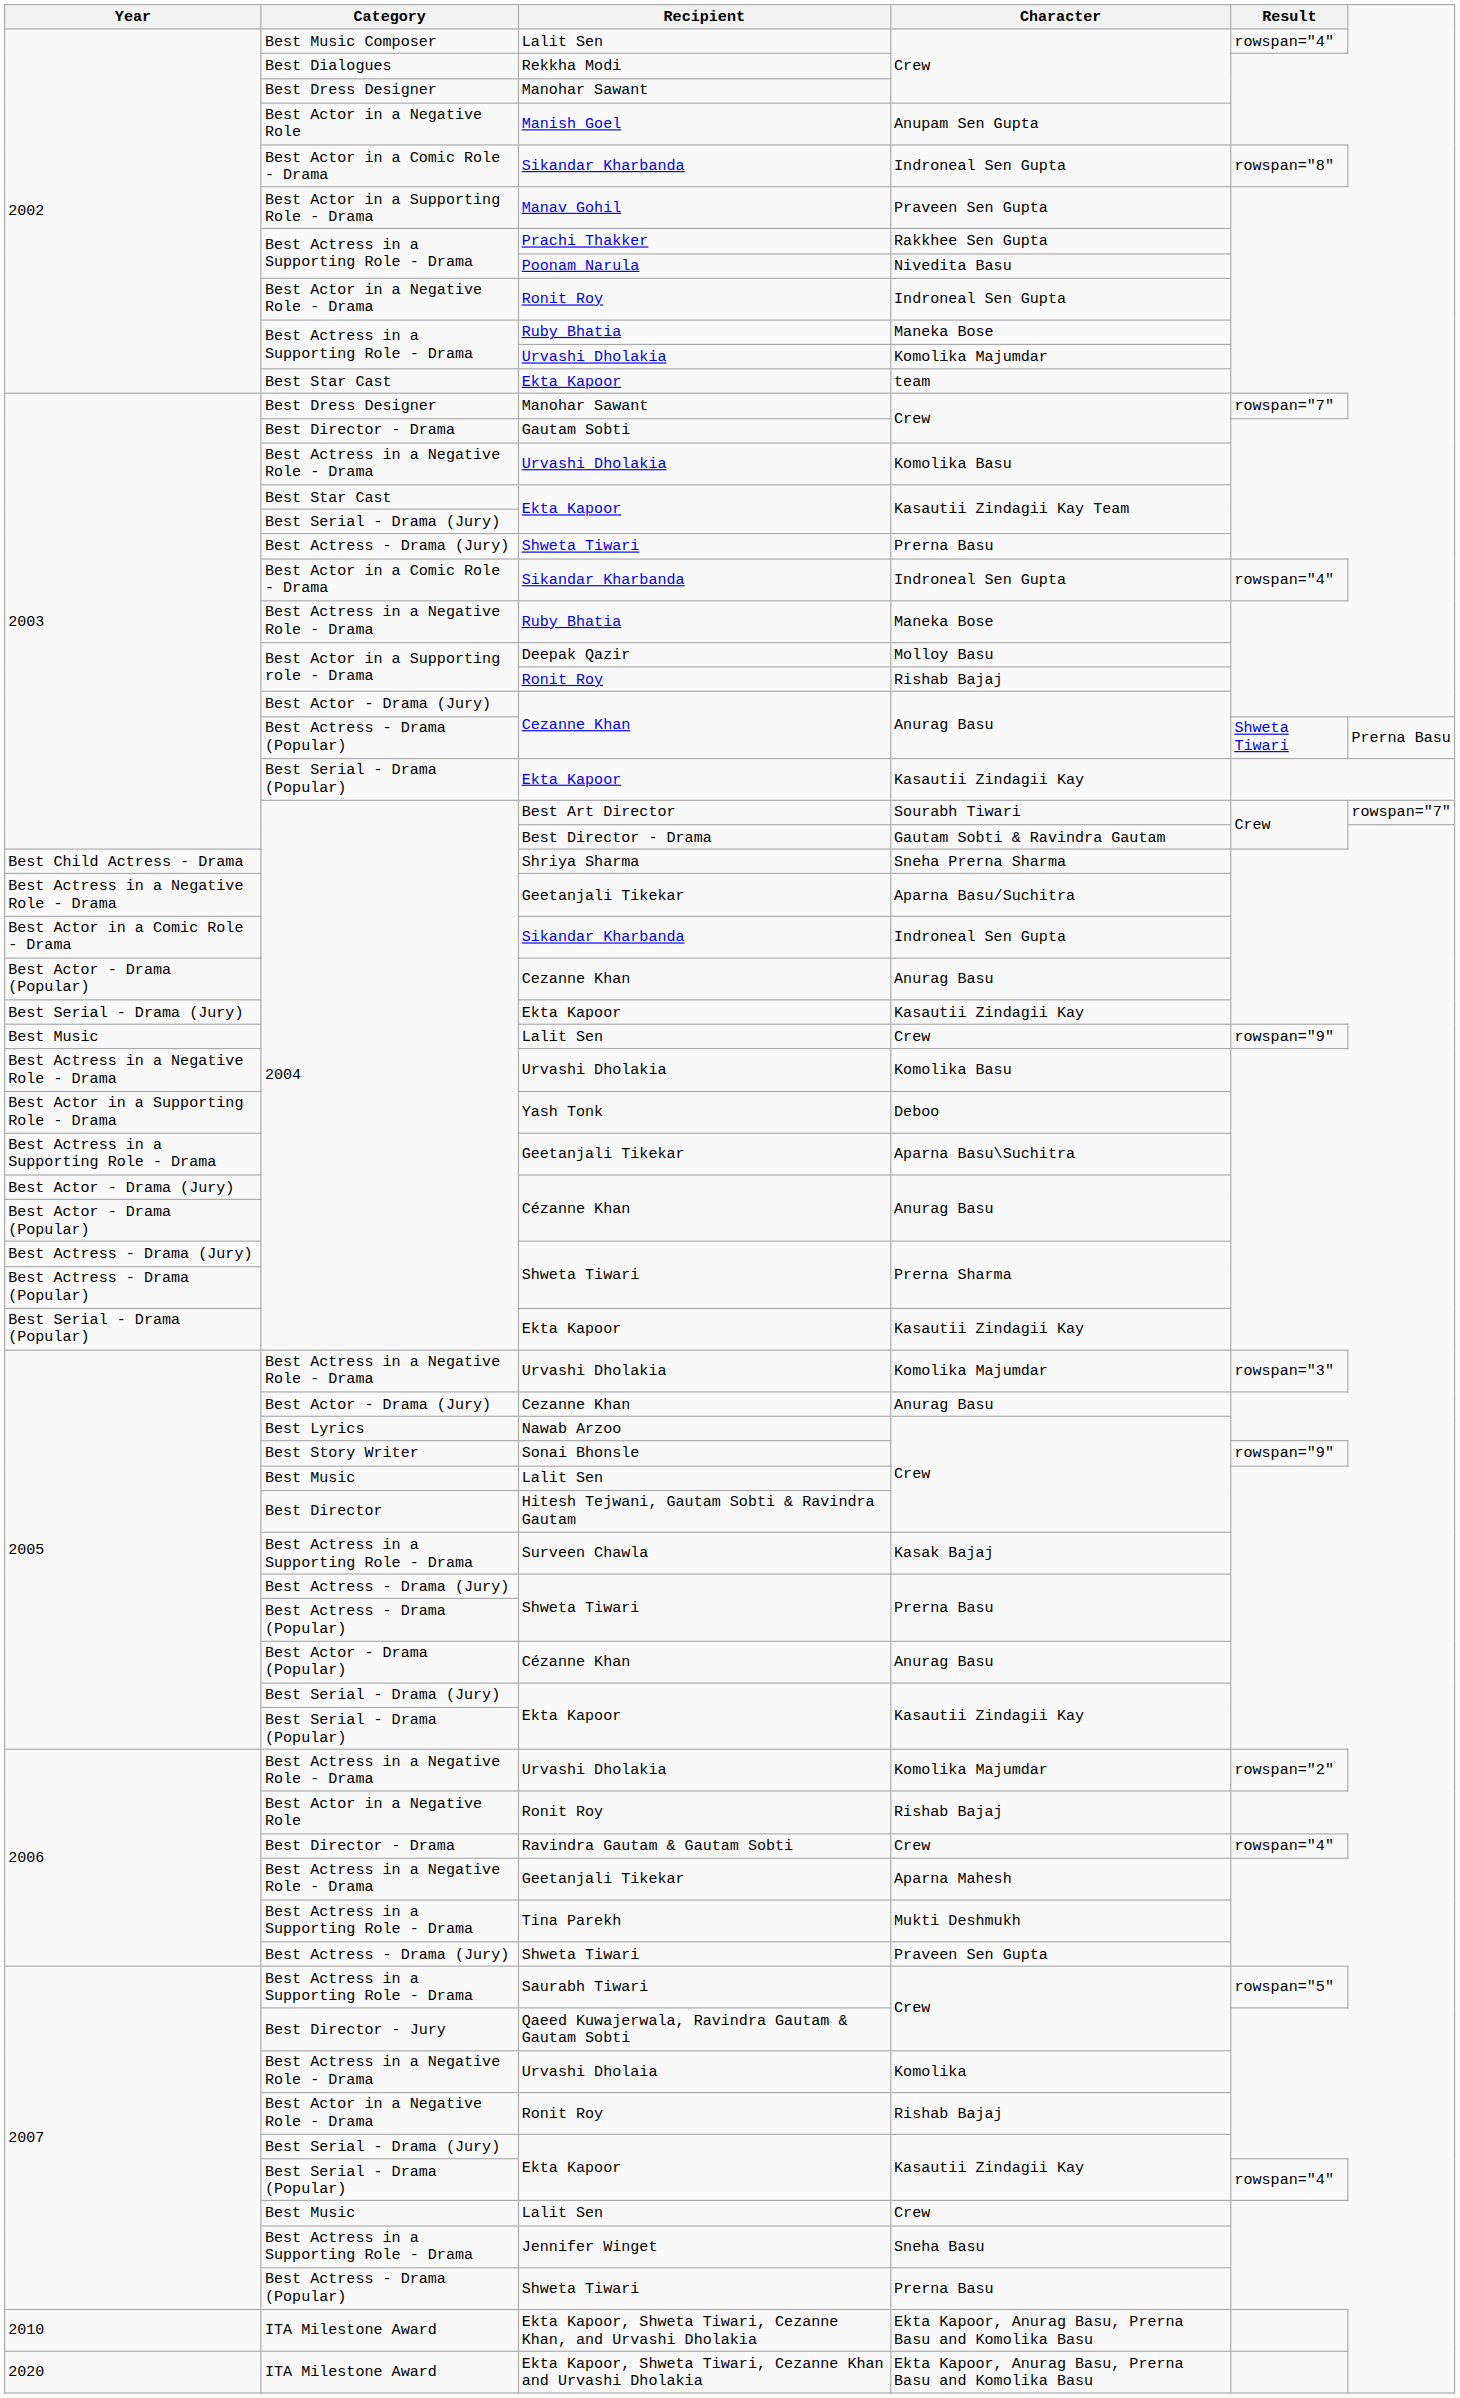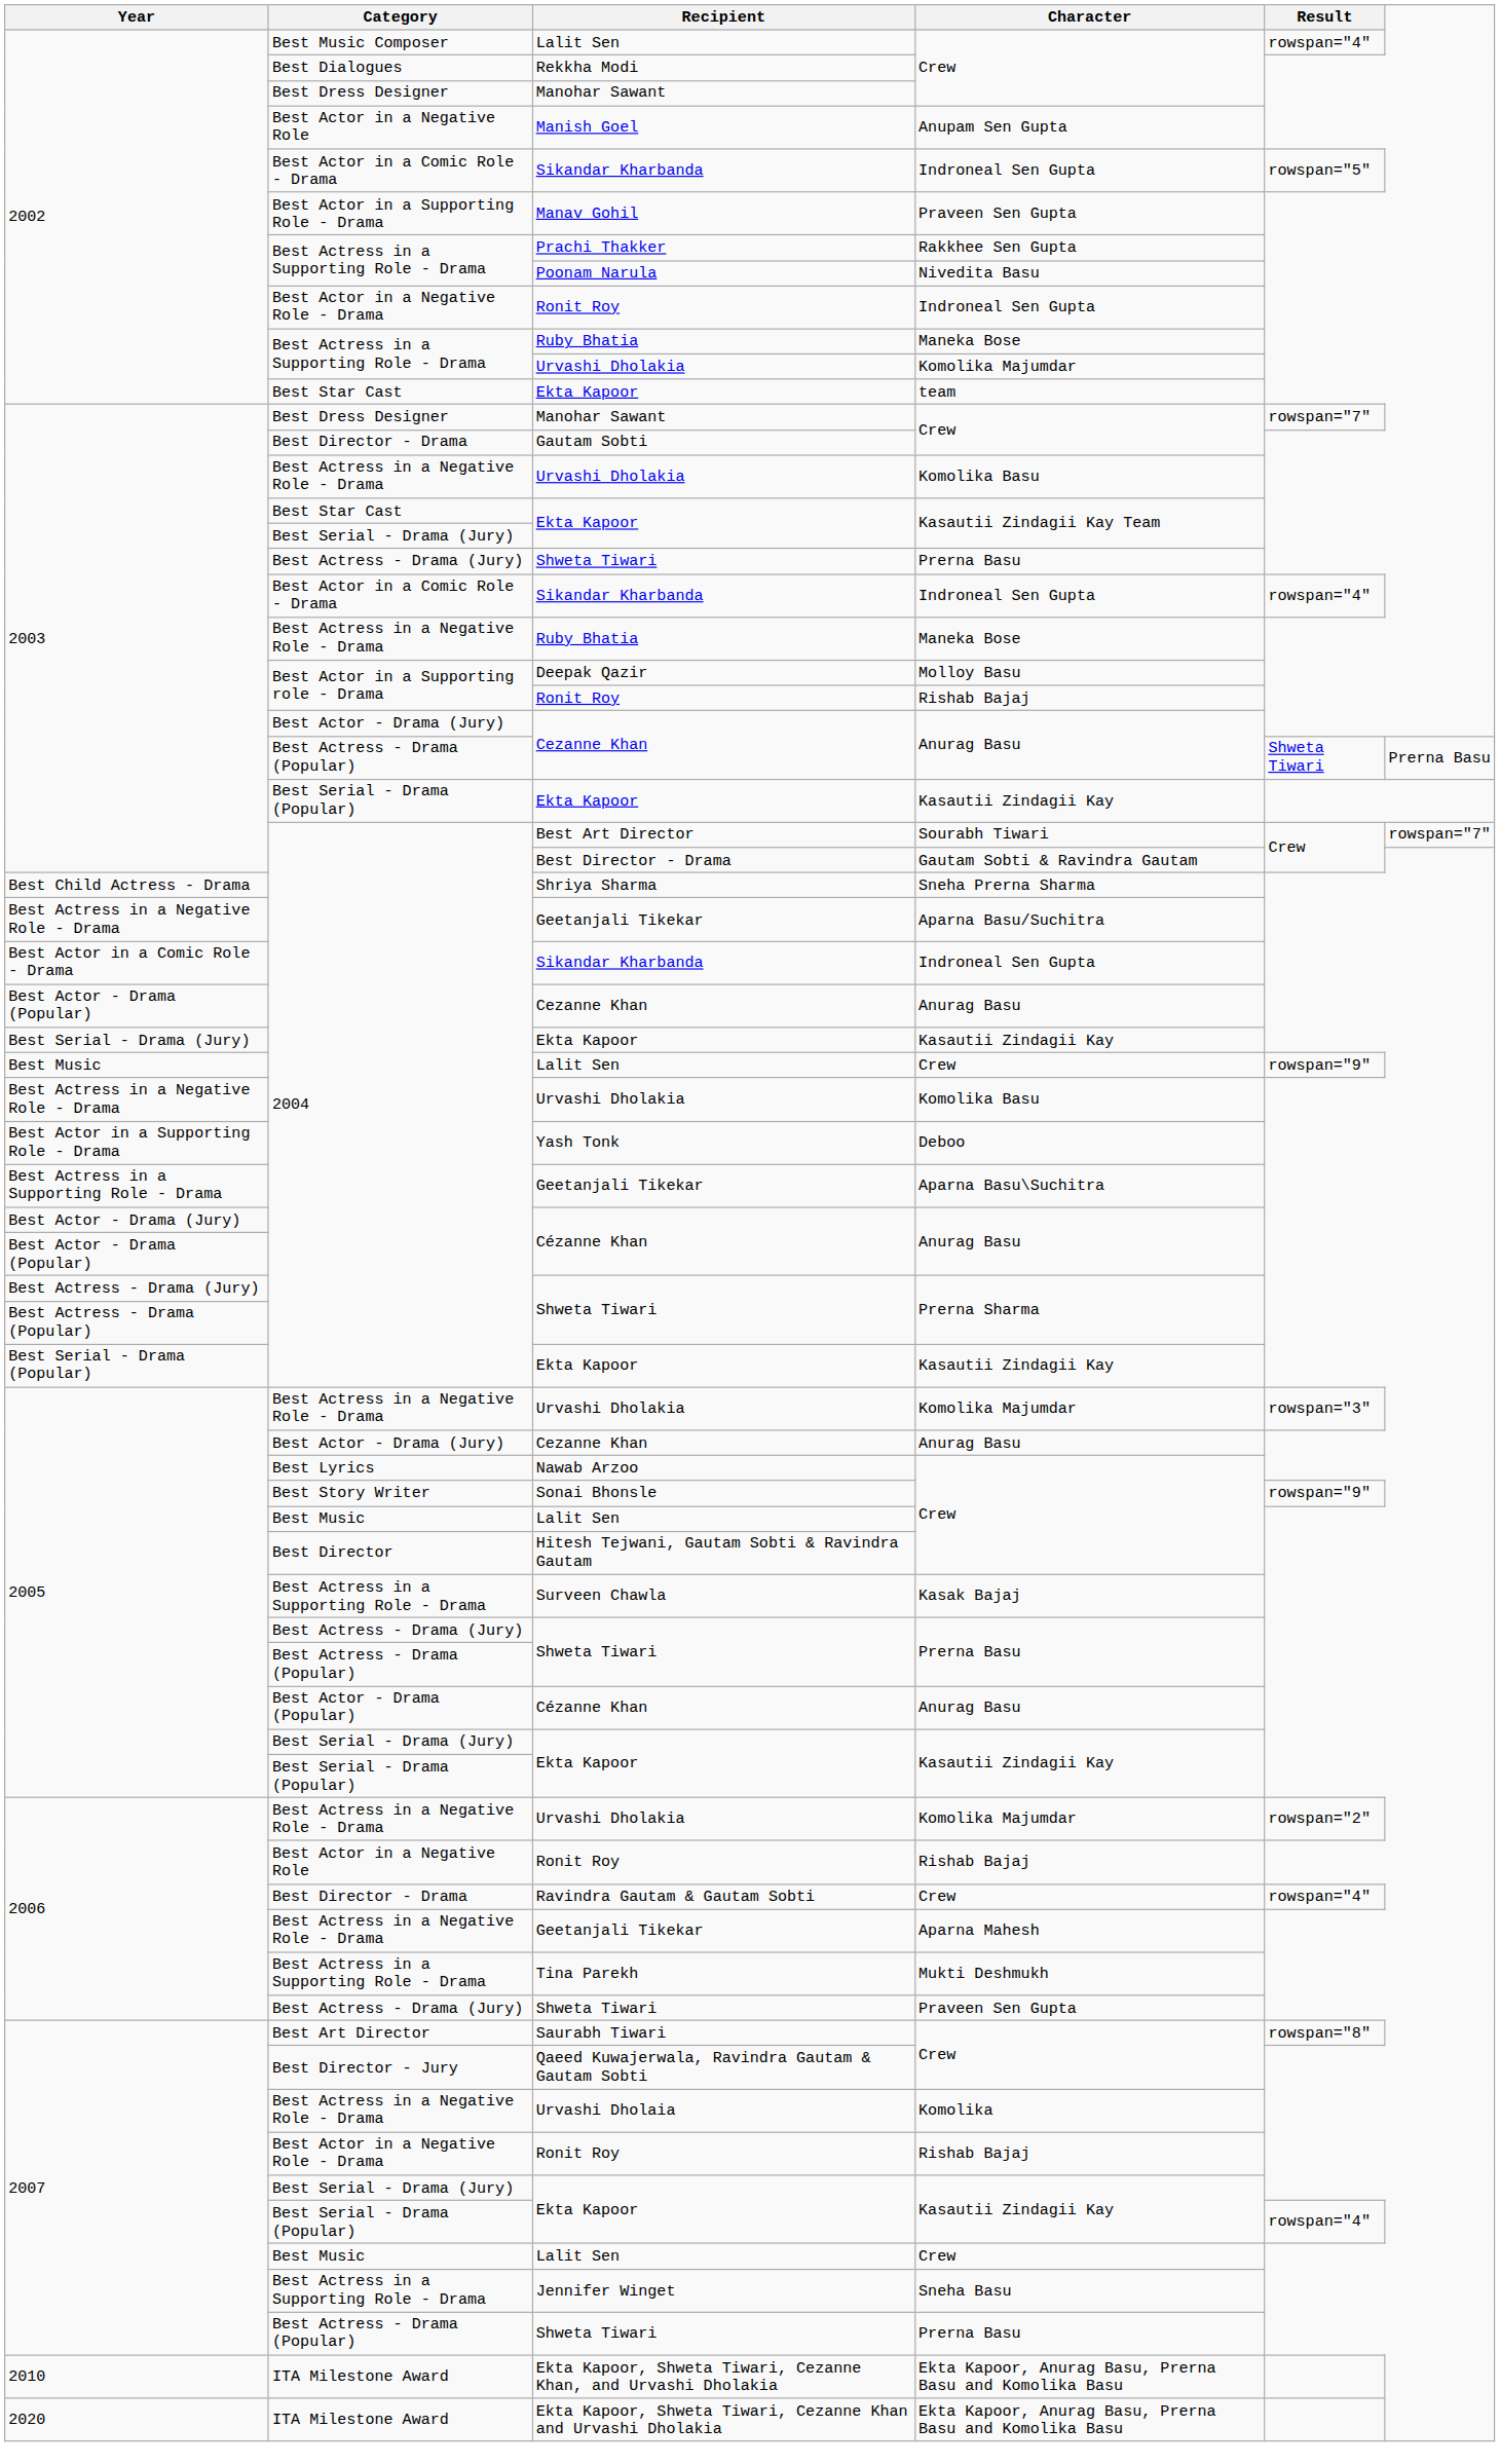 <table class="wikitable sortable">
 <tr>
 <th>Year</th>
 <th>Category</th>
 <th>Recipient</th>
 <th>Character</th>
 <th>Result</th>
 </tr>
 <tr>
 <td rowspan="12">2002</td>
 <td>Best Music Composer</td>
 <td>Lalit Sen</td>
 <td rowspan="3">Crew</td>
 <td>rowspan="4"  </td>
 </tr>
 <tr>
 <td>Best Dialogues</td>
 <td>Rekkha Modi</td>
 </tr>
 <tr>
 <td>Best Dress Designer</td>
 <td>Manohar Sawant</td>
 </tr>
 <tr>
 <td>Best Actor in a Negative Role</td>
 <td><a href='#'>Manish Goel</a></td>
 <td>Anupam Sen Gupta</td>
 </tr>
 <tr>
 <td>Best Actor in a Comic Role - Drama</td>
 <td><a href='#'>Sikandar Kharbanda</a></td>
 <td>Indroneal Sen Gupta</td>
-<td>rowspan="8" </td>
+<td>rowspan="5"  </td>
 </tr>
 <tr>
 <td>Best Actor in a Supporting Role - Drama</td>
 <td><a href='#'>Manav Gohil</a></td>
 <td>Praveen Sen Gupta</td>
 </tr>
 <tr>
 <td rowspan="2">Best Actress in a Supporting Role - Drama</td>
 <td><a href='#'>Prachi Thakker</a></td>
 <td>Rakkhee Sen Gupta</td>
 </tr>
 <tr>
 <td><a href='#'>Poonam Narula</a></td>
 <td>Nivedita Basu</td>
 </tr>
 <tr>
 <td>Best Actor in a Negative Role - Drama</td>
 <td><a href='#'>Ronit Roy</a></td>
 <td>Indroneal Sen Gupta</td>
 </tr>
 <tr>
 <td rowspan="2">Best Actress in a Supporting Role - Drama</td>
 <td><a href='#'>Ruby Bhatia</a></td>
 <td>Maneka Bose</td>
 </tr>
 <tr>
 <td><a href='#'>Urvashi Dholakia</a></td>
 <td>Komolika Majumdar</td>
 </tr>
 <tr>
 <td>Best Star Cast</td>
 <td><a href='#'>Ekta Kapoor</a></td>
 <td>team</td>
 </tr>
 <tr>
 <td rowspan="15">2003</td>
 <td>Best Dress Designer</td>
 <td>Manohar Sawant</td>
 <td rowspan="2">Crew</td>
 <td>rowspan="7"  </td>
 </tr>
 <tr>
 <td>Best Director - Drama</td>
 <td>Gautam Sobti</td>
 </tr>
 <tr>
 <td>Best Actress in a Negative Role - Drama</td>
 <td><a href='#'>Urvashi Dholakia</a></td>
 <td>Komolika Basu</td>
 </tr>
 <tr>
 <td>Best Star Cast</td>
 <td rowspan="2"><a href='#'>Ekta Kapoor</a></td>
 <td rowspan="2">Kasautii Zindagii Kay Team</td>
 </tr>
 <tr>
 <td>Best Serial - Drama (Jury)</td>
 </tr>
 <tr>
 <td>Best Actress - Drama (Jury)</td>
 <td><a href='#'>Shweta Tiwari</a></td>
 <td>Prerna Basu</td>
 </tr>
 <tr>
 <td>Best Actor in a Comic Role - Drama</td>
 <td><a href='#'>Sikandar Kharbanda</a></td>
 <td>Indroneal Sen Gupta</td>
 <td>rowspan="4" </td>
 </tr>
 <tr>
 <td>Best Actress in a Negative Role - Drama</td>
 <td><a href='#'>Ruby Bhatia</a></td>
 <td>Maneka Bose</td>
 </tr>
 <tr>
 <td rowspan="2">Best Actor in a Supporting role - Drama</td>
 <td>Deepak Qazir</td>
 <td>Molloy Basu</td>
 </tr>
 <tr>
 <td><a href='#'>Ronit Roy</a></td>
 <td>Rishab Bajaj</td>
 </tr>
 <tr>
 <td>Best Actor - Drama (Jury)</td>
 <td rowspan="2"><a href='#'>Cezanne Khan</a></td>
 <td rowspan="2">Anurag Basu</td>
 </tr>
 <tr>
 <td>Best Actress - Drama (Popular)</td>
 <td><a href='#'>Shweta Tiwari</a></td>
 <td>Prerna Basu</td>
 </tr>
 <tr>
 <td>Best Serial - Drama (Popular)</td>
 <td><a href='#'>Ekta Kapoor</a></td>
 <td>Kasautii Zindagii Kay</td>
 </tr>
 <tr>
 <td rowspan="16">2004</td>
 <td>Best Art Director</td>
 <td>Sourabh Tiwari</td>
 <td rowspan="2">Crew</td>
 <td>rowspan="7"  </td>
 </tr>
 <tr>
 <td>Best Director - Drama</td>
 <td>Gautam Sobti & Ravindra Gautam</td>
 </tr>
 <tr>
 <td>Best Child Actress - Drama</td>
 <td>Shriya Sharma</td>
 <td>Sneha Prerna Sharma</td>
 </tr>
 <tr>
 <td>Best Actress in a Negative Role - Drama</td>
 <td>Geetanjali Tikekar</td>
 <td>Aparna Basu/Suchitra</td>
 </tr>
 <tr>
 <td>Best Actor in a Comic Role - Drama</td>
 <td><a href='#'>Sikandar Kharbanda</a></td>
 <td>Indroneal Sen Gupta</td>
 </tr>
 <tr>
 <td>Best Actor - Drama (Popular)</td>
 <td>Cezanne Khan</td>
 <td>Anurag Basu</td>
 </tr>
 <tr>
 <td>Best Serial - Drama (Jury)</td>
 <td>Ekta Kapoor</td>
 <td>Kasautii Zindagii Kay</td>
 </tr>
 <tr>
 <td>Best Music</td>
 <td>Lalit Sen</td>
 <td>Crew</td>
 <td>rowspan="9" </td>
 </tr>
 <tr>
 <td>Best Actress in a Negative Role - Drama</td>
 <td>Urvashi Dholakia</td>
 <td>Komolika Basu</td>
 </tr>
 <tr>
 <td>Best Actor in a Supporting Role - Drama</td>
 <td>Yash Tonk</td>
 <td>Deboo</td>
 </tr>
 <tr>
 <td>Best Actress in a Supporting Role - Drama</td>
 <td>Geetanjali Tikekar</td>
 <td>Aparna Basu\Suchitra</td>
 </tr>
 <tr>
 <td>Best Actor - Drama (Jury)</td>
 <td rowspan="2">Cézanne Khan</td>
 <td rowspan="2">Anurag Basu</td>
 </tr>
 <tr>
 <td>Best Actor - Drama (Popular)</td>
 </tr>
 <tr>
 <td>Best Actress - Drama (Jury)</td>
 <td rowspan="2">Shweta Tiwari</td>
 <td rowspan="2">Prerna Sharma</td>
 </tr>
 <tr>
 <td>Best Actress - Drama (Popular)</td>
 </tr>
 <tr>
 <td>Best Serial - Drama (Popular)</td>
 <td>Ekta Kapoor</td>
 <td>Kasautii Zindagii Kay</td>
 </tr>
 <tr>
 <td rowspan="12">2005</td>
 <td>Best Actress in a Negative Role - Drama</td>
 <td>Urvashi Dholakia</td>
 <td>Komolika Majumdar</td>
 <td>rowspan="3"  </td>
 </tr>
 <tr>
 <td>Best Actor - Drama (Jury)</td>
 <td>Cezanne Khan</td>
 <td>Anurag Basu</td>
 </tr>
 <tr>
 <td>Best Lyrics</td>
 <td>Nawab Arzoo</td>
 <td rowspan="4">Crew</td>
 </tr>
 <tr>
 <td>Best Story Writer</td>
 <td>Sonai Bhonsle</td>
 <td>rowspan="9" </td>
 </tr>
 <tr>
 <td>Best Music</td>
 <td>Lalit Sen</td>
 </tr>
 <tr>
 <td>Best Director</td>
 <td>Hitesh Tejwani, Gautam Sobti & Ravindra Gautam</td>
 </tr>
 <tr>
 <td>Best Actress in a Supporting Role - Drama</td>
 <td>Surveen Chawla</td>
 <td>Kasak Bajaj</td>
 </tr>
 <tr>
 <td>Best Actress - Drama (Jury)</td>
 <td rowspan="2">Shweta Tiwari</td>
 <td rowspan="2">Prerna Basu</td>
 </tr>
 <tr>
 <td>Best Actress - Drama (Popular)</td>
 </tr>
 <tr>
 <td>Best Actor - Drama (Popular)</td>
 <td>Cézanne Khan</td>
 <td>Anurag Basu</td>
 </tr>
 <tr>
 <td>Best Serial - Drama (Jury)</td>
 <td rowspan="2">Ekta Kapoor</td>
 <td rowspan="2">Kasautii Zindagii Kay</td>
 </tr>
 <tr>
 <td>Best Serial - Drama (Popular)</td>
 </tr>
 <tr>
 <td rowspan="6">2006</td>
 <td>Best Actress in a Negative Role - Drama</td>
 <td>Urvashi Dholakia</td>
 <td>Komolika Majumdar</td>
 <td>rowspan="2"  </td>
 </tr>
 <tr>
 <td>Best Actor in a Negative Role</td>
 <td>Ronit Roy</td>
 <td>Rishab Bajaj</td>
 </tr>
 <tr>
 <td>Best Director - Drama</td>
 <td>Ravindra Gautam & Gautam Sobti</td>
 <td>Crew</td>
 <td>rowspan="4" </td>
 </tr>
 <tr>
 <td>Best Actress in a Negative Role - Drama</td>
 <td>Geetanjali Tikekar</td>
 <td>Aparna Mahesh</td>
 </tr>
 <tr>
 <td>Best Actress in a Supporting Role - Drama</td>
 <td>Tina Parekh</td>
 <td>Mukti Deshmukh</td>
 </tr>
 <tr>
 <td>Best Actress - Drama (Jury)</td>
 <td>Shweta Tiwari</td>
 <td>Praveen Sen Gupta</td>
 </tr>
 <tr>
 <td rowspan="9">2007</td>
-<td>Best Actress in a Supporting Role - Drama</td>
+<td>Best Art Director</td>
 <td>Saurabh Tiwari</td>
 <td rowspan="2">Crew</td>
-<td>rowspan="5"  </td>
+<td>rowspan="8" </td>
 </tr>
 <tr>
 <td>Best Director - Jury</td>
 <td>Qaeed Kuwajerwala, Ravindra Gautam & Gautam Sobti</td>
 </tr>
 <tr>
 <td>Best Actress in a Negative Role - Drama</td>
 <td>Urvashi Dholaia</td>
 <td>Komolika</td>
 </tr>
 <tr>
 <td>Best Actor in a Negative Role - Drama</td>
 <td>Ronit Roy</td>
 <td>Rishab Bajaj</td>
 </tr>
 <tr>
 <td>Best Serial - Drama (Jury)</td>
 <td rowspan="2">Ekta Kapoor</td>
 <td rowspan="2">Kasautii Zindagii Kay</td>
 </tr>
 <tr>
 <td>Best Serial - Drama (Popular)</td>
 <td>rowspan="4" </td>
 </tr>
 <tr>
 <td>Best Music</td>
 <td>Lalit Sen</td>
 <td>Crew</td>
 </tr>
 <tr>
 <td>Best Actress in a Supporting Role - Drama</td>
 <td>Jennifer Winget</td>
 <td>Sneha Basu</td>
 </tr>
 <tr>
 <td>Best Actress - Drama (Popular)</td>
 <td>Shweta Tiwari</td>
 <td>Prerna Basu</td>
 </tr>
 <tr>
 <td>2010</td>
 <td>ITA Milestone Award</td>
 <td>Ekta Kapoor,  Shweta Tiwari, Cezanne Khan, and Urvashi Dholakia</td>
 <td>Ekta Kapoor, Anurag Basu, Prerna Basu and Komolika Basu</td>
 <td> </td>
 </tr>
 <tr>
 <td>2020</td>
 <td>ITA Milestone Award</td>
 <td>Ekta Kapoor,  Shweta Tiwari, Cezanne Khan and Urvashi Dholakia</td>
 <td>Ekta Kapoor, Anurag Basu, Prerna Basu and Komolika Basu</td>
 <td> </td>
 </tr>
 </table>
